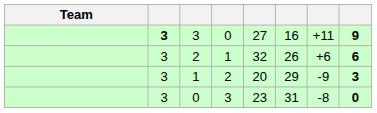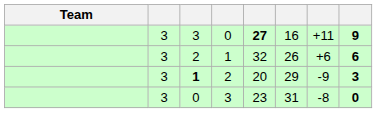 <table class="wikitable" style="text-align:center;font-size:95%">
 <tr>
 <th width=160>Team</th>
 <th width=30></th>
 <th width=30></th>
 <th width=30></th>
 <th width=30></th>
 <th width=30></th>
 <th width=30></th>
 <th width=30></th>
 </tr>
 <tr bgcolor=ccffcc>
 <td align="left"></td>
-<td><strong>3</strong></td>
+<td>3</td>
 <td>3</td>
 <td>0</td>
-<td>27</td>
+<td><strong>27</strong></td>
 <td>16</td>
 <td>+11</td>
 <td><strong>9</strong></td>
 </tr>
 <tr bgcolor=ccffcc>
 <td align="left"></td>
 <td>3</td>
 <td>2</td>
 <td>1</td>
 <td>32</td>
 <td>26</td>
 <td>+6</td>
 <td><strong>6</strong></td>
 </tr>
 <tr bgcolor=ccffcc>
 <td align="left"></td>
 <td>3</td>
-<td>1</td>
+<td><strong>1</strong></td>
 <td>2</td>
 <td>20</td>
 <td>29</td>
 <td>-9</td>
 <td><strong>3</strong></td>
 </tr>
 <tr bgcolor=ccffcc>
 <td align="left"></td>
 <td>3</td>
 <td>0</td>
 <td>3</td>
 <td>23</td>
 <td>31</td>
 <td>-8</td>
 <td><strong>0</strong></td>
 </tr>
 </table>
